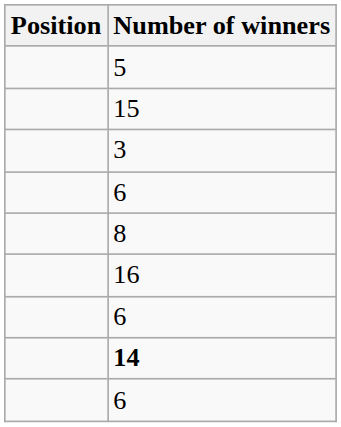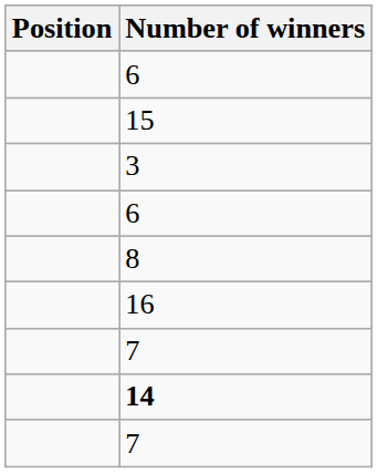 <table class="wikitable sortable" style="margin: 1em 1em 1em 0; background: #f9f9f9;">
 <tr>
 <th>Position</th>
 <th>Number of winners</th>
 </tr>
 <tr>
 <td></td>
-<td>5</td>
+<td>6</td>
 </tr>
 <tr>
 <td></td>
 <td>15</td>
 </tr>
 <tr>
 <td></td>
 <td>3</td>
 </tr>
 <tr>
 <td></td>
 <td>6</td>
 </tr>
 <tr>
 <td></td>
 <td>8</td>
 </tr>
 <tr>
 <td></td>
 <td>16</td>
 </tr>
 <tr>
 <td></td>
-<td>6</td>
+<td>7</td>
 </tr>
 <tr>
 <td></td>
 <td><strong>14</strong></td>
 </tr>
 <tr>
 <td></td>
-<td>6</td>
+<td>7</td>
 </tr>
 </table>
